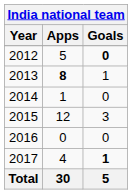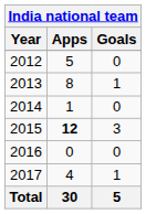 <table class="wikitable" style="text-align:center">
 <tr>
 <th colspan=3><a href='#'>India national team</a></th>
 </tr>
 <tr>
 <th>Year</th>
 <th>Apps</th>
 <th>Goals</th>
 </tr>
 <tr>
 </tr>
 <tr>
 <td>2012</td>
 <td>5</td>
-<td><strong>0</strong></td>
+<td>0</td>
 </tr>
 <tr>
 <td>2013</td>
-<td><strong>8</strong></td>
+<td>8</td>
 <td>1</td>
 </tr>
 <tr>
 <td>2014</td>
 <td>1</td>
 <td>0</td>
 </tr>
 <tr>
 <td>2015</td>
-<td>12</td>
+<td><strong>12</strong></td>
 <td>3</td>
 </tr>
 <tr>
 <td>2016</td>
 <td>0</td>
 <td>0</td>
 </tr>
 <tr>
 <td>2017</td>
 <td>4</td>
-<td><strong>1</strong></td>
+<td>1</td>
 </tr>
 <tr>
 <th>Total</th>
 <th>30</th>
 <th>5</th>
 </tr>
 </table>
